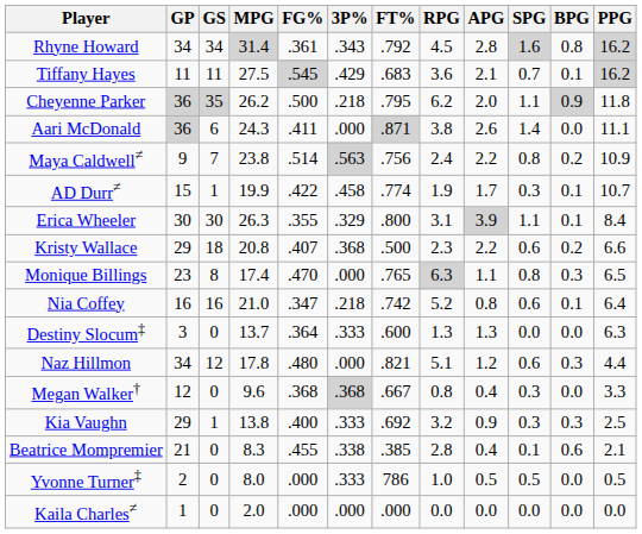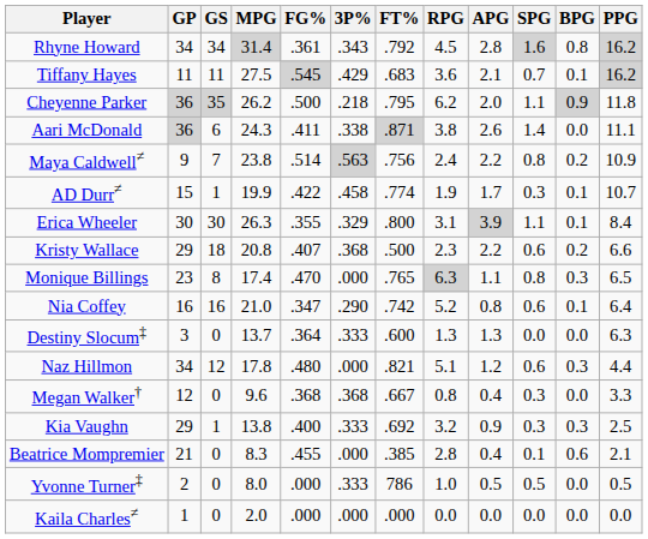 <table class="wikitable sortable" style="text-align:center">
 <tr>
 <th>Player</th>
 <th>GP</th>
 <th>GS</th>
 <th>MPG</th>
 <th>FG%</th>
 <th>3P%</th>
 <th>FT%</th>
 <th>RPG</th>
 <th>APG</th>
 <th>SPG</th>
 <th>BPG</th>
 <th>PPG</th>
 </tr>
 <tr>
 <td><a href='#'>Rhyne Howard</a></td>
 <td>34</td>
 <td>34</td>
 <td style="background:#D3D3D3;">31.4</td>
 <td>.361</td>
 <td>.343</td>
 <td>.792</td>
 <td>4.5</td>
 <td>2.8</td>
 <td style="background:#D3D3D3;">1.6</td>
 <td>0.8</td>
 <td style="background:#D3D3D3;">16.2</td>
 </tr>
 <tr>
 <td><a href='#'>Tiffany Hayes</a></td>
 <td>11</td>
 <td>11</td>
 <td>27.5</td>
 <td style="background:#D3D3D3;">.545</td>
 <td>.429</td>
 <td>.683</td>
 <td>3.6</td>
 <td>2.1</td>
 <td>0.7</td>
 <td>0.1</td>
 <td style="background:#D3D3D3;">16.2</td>
 </tr>
 <tr>
 <td><a href='#'>Cheyenne Parker</a></td>
 <td style="background:#D3D3D3;">36</td>
 <td style="background:#D3D3D3;">35</td>
 <td>26.2</td>
 <td>.500</td>
 <td>.218</td>
 <td>.795</td>
 <td>6.2</td>
 <td>2.0</td>
 <td>1.1</td>
 <td style="background:#D3D3D3;">0.9</td>
 <td>11.8</td>
 </tr>
 <tr>
 <td><a href='#'>Aari McDonald</a></td>
 <td style="background:#D3D3D3;">36</td>
 <td>6</td>
 <td>24.3</td>
 <td>.411</td>
-<td>.000</td>
+<td>.338</td>
 <td style="background:#D3D3D3;">.871</td>
 <td>3.8</td>
 <td>2.6</td>
 <td>1.4</td>
 <td>0.0</td>
 <td>11.1</td>
 </tr>
 <tr>
 <td><a href='#'>Maya Caldwell</a><sup>≠</sup></td>
 <td>9</td>
 <td>7</td>
 <td>23.8</td>
 <td>.514</td>
 <td style="background:#D3D3D3;">.563</td>
 <td>.756</td>
 <td>2.4</td>
 <td>2.2</td>
 <td>0.8</td>
 <td>0.2</td>
 <td>10.9</td>
 </tr>
 <tr>
 <td><a href='#'>AD Durr</a><sup>≠</sup></td>
 <td>15</td>
 <td>1</td>
 <td>19.9</td>
 <td>.422</td>
 <td>.458</td>
 <td>.774</td>
 <td>1.9</td>
 <td>1.7</td>
 <td>0.3</td>
 <td>0.1</td>
 <td>10.7</td>
 </tr>
 <tr>
 <td><a href='#'>Erica Wheeler</a></td>
 <td>30</td>
 <td>30</td>
 <td>26.3</td>
 <td>.355</td>
 <td>.329</td>
 <td>.800</td>
 <td>3.1</td>
 <td style="background:#D3D3D3;">3.9</td>
 <td>1.1</td>
 <td>0.1</td>
 <td>8.4</td>
 </tr>
 <tr>
 <td><a href='#'>Kristy Wallace</a></td>
 <td>29</td>
 <td>18</td>
 <td>20.8</td>
 <td>.407</td>
 <td>.368</td>
 <td>.500</td>
 <td>2.3</td>
 <td>2.2</td>
 <td>0.6</td>
 <td>0.2</td>
 <td>6.6</td>
 </tr>
 <tr>
 <td><a href='#'>Monique Billings</a></td>
 <td>23</td>
 <td>8</td>
 <td>17.4</td>
 <td>.470</td>
 <td>.000</td>
 <td>.765</td>
 <td style="background:#D3D3D3;">6.3</td>
 <td>1.1</td>
 <td>0.8</td>
 <td>0.3</td>
 <td>6.5</td>
 </tr>
 <tr>
 <td><a href='#'>Nia Coffey</a></td>
 <td>16</td>
 <td>16</td>
 <td>21.0</td>
 <td>.347</td>
-<td>.218</td>
+<td>.290</td>
 <td>.742</td>
 <td>5.2</td>
 <td>0.8</td>
 <td>0.6</td>
 <td>0.1</td>
 <td>6.4</td>
 </tr>
 <tr>
 <td><a href='#'>Destiny Slocum</a><sup>‡</sup></td>
 <td>3</td>
 <td>0</td>
 <td>13.7</td>
 <td>.364</td>
 <td>.333</td>
 <td>.600</td>
 <td>1.3</td>
 <td>1.3</td>
 <td>0.0</td>
 <td>0.0</td>
 <td>6.3</td>
 </tr>
 <tr>
 <td><a href='#'>Naz Hillmon</a></td>
 <td>34</td>
 <td>12</td>
 <td>17.8</td>
 <td>.480</td>
 <td>.000</td>
 <td>.821</td>
 <td>5.1</td>
 <td>1.2</td>
 <td>0.6</td>
 <td>0.3</td>
 <td>4.4</td>
 </tr>
 <tr>
 <td><a href='#'>Megan Walker</a><sup>†</sup></td>
 <td>12</td>
 <td>0</td>
 <td>9.6</td>
 <td>.368</td>
-<td style="background: lightgrey;">.368</td>
+<td>.368</td>
 <td>.667</td>
 <td>0.8</td>
 <td>0.4</td>
 <td>0.3</td>
 <td>0.0</td>
 <td>3.3</td>
 </tr>
 <tr>
 <td><a href='#'>Kia Vaughn</a></td>
 <td>29</td>
 <td>1</td>
 <td>13.8</td>
 <td>.400</td>
 <td>.333</td>
 <td>.692</td>
 <td>3.2</td>
 <td>0.9</td>
 <td>0.3</td>
 <td>0.3</td>
 <td>2.5</td>
 </tr>
 <tr>
 <td><a href='#'>Beatrice Mompremier</a></td>
 <td>21</td>
 <td>0</td>
 <td>8.3</td>
 <td>.455</td>
-<td>.338</td>
+<td>.000</td>
 <td>.385</td>
 <td>2.8</td>
 <td>0.4</td>
 <td>0.1</td>
 <td>0.6</td>
 <td>2.1</td>
 </tr>
 <tr>
 <td><a href='#'>Yvonne Turner</a><sup>‡</sup></td>
 <td>2</td>
 <td>0</td>
 <td>8.0</td>
 <td>.000</td>
 <td>.333</td>
 <td>786</td>
 <td>1.0</td>
 <td>0.5</td>
 <td>0.5</td>
 <td>0.0</td>
 <td>0.5</td>
 </tr>
 <tr>
 <td><a href='#'>Kaila Charles</a><sup>≠</sup></td>
 <td>1</td>
 <td>0</td>
 <td>2.0</td>
 <td>.000</td>
 <td>.000</td>
 <td>.000</td>
 <td>0.0</td>
 <td>0.0</td>
 <td>0.0</td>
 <td>0.0</td>
 <td>0.0</td>
 </tr>
 </table>
